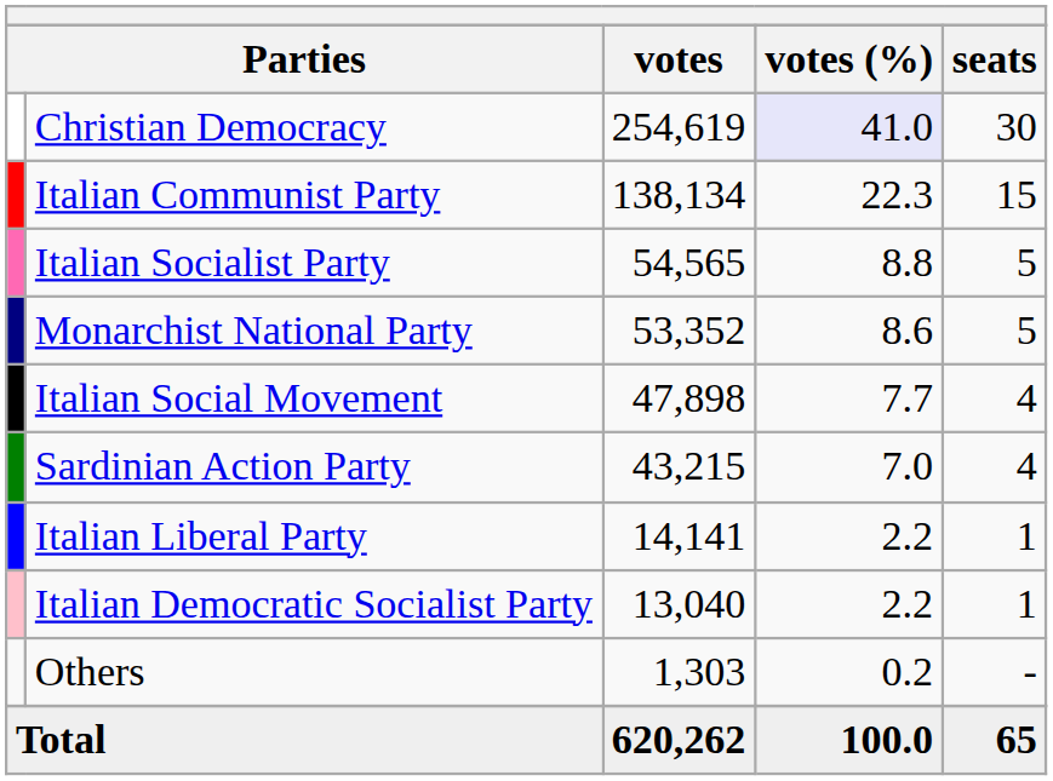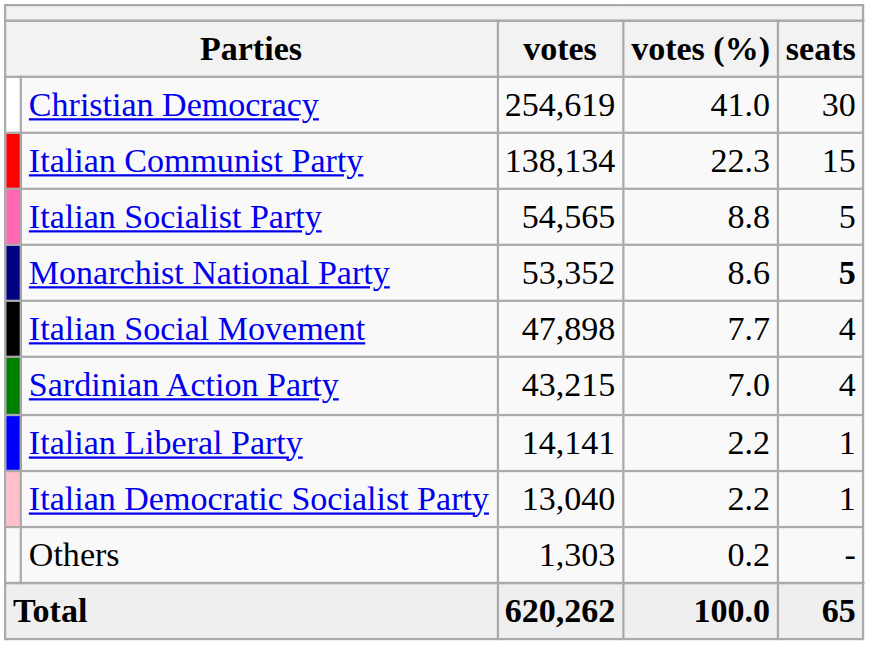 <table class="wikitable" style="font-size:95%">
 <tr>
 <th colspan=5></th>
 </tr>
 <tr>
 </tr>
 <tr bgcolor="EFEFEF">
 <th Colspan=2>Parties</th>
 <th>votes</th>
 <th>votes (%)</th>
 <th>seats</th>
 </tr>
 <tr>
 <td bgcolor=White></td>
 <td><a href='#'>Christian Democracy</a></td>
 <td align=right>254,619</td>
-<td align=right style="background: lavender;">41.0</td>
+<td align=right>41.0</td>
 <td align=right>30</td>
 </tr>
 <tr>
 <td bgcolor=Red></td>
 <td><a href='#'>Italian Communist Party</a></td>
 <td align=right>138,134</td>
 <td align=right>22.3</td>
 <td align=right>15</td>
 </tr>
 <tr>
 <td bgcolor=Hotpink></td>
 <td><a href='#'>Italian Socialist Party</a></td>
 <td align=right>54,565</td>
 <td align=right>8.8</td>
 <td align=right>5</td>
 </tr>
 <tr>
 <td bgcolor=Navy></td>
 <td><a href='#'>Monarchist National Party</a></td>
 <td align=right>53,352</td>
 <td align=right>8.6</td>
-<td align=right>5</td>
+<td align=right><strong>5</strong></td>
 </tr>
 <tr>
 <td bgcolor=Black></td>
 <td><a href='#'>Italian Social Movement</a></td>
 <td align=right>47,898</td>
 <td align=right>7.7</td>
 <td align=right>4</td>
 </tr>
 <tr>
 <td bgcolor=Green></td>
 <td><a href='#'>Sardinian Action Party</a></td>
 <td align=right>43,215</td>
 <td align=right>7.0</td>
 <td align=right>4</td>
 </tr>
 <tr>
 <td bgcolor=Blue></td>
 <td><a href='#'>Italian Liberal Party</a></td>
 <td align=right>14,141</td>
 <td align=right>2.2</td>
 <td align=right>1</td>
 </tr>
 <tr>
 <td bgcolor=Pink></td>
 <td><a href='#'>Italian Democratic Socialist Party</a></td>
 <td align=right>13,040</td>
 <td align=right>2.2</td>
 <td align=right>1</td>
 </tr>
 <tr>
 <td bgcolor=></td>
 <td>Others</td>
 <td align=right>1,303</td>
 <td align=right>0.2</td>
 <td align=right>-</td>
 </tr>
 <tr>
 </tr>
 <tr bgcolor="EFEFEF">
 <td colspan=2><strong>Total</strong></td>
 <td align=right><strong>620,262</strong></td>
 <td align=right><strong>100.0</strong></td>
 <td align=right><strong>65</strong></td>
 </tr>
 </table>
